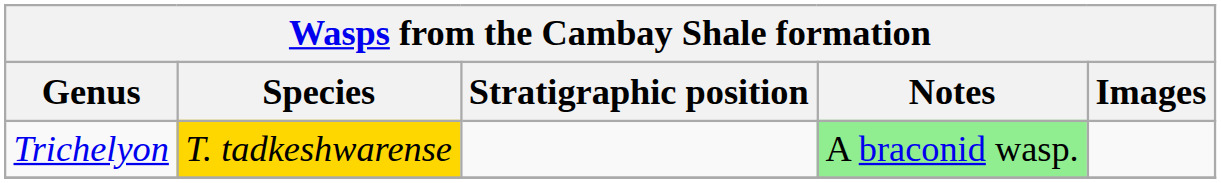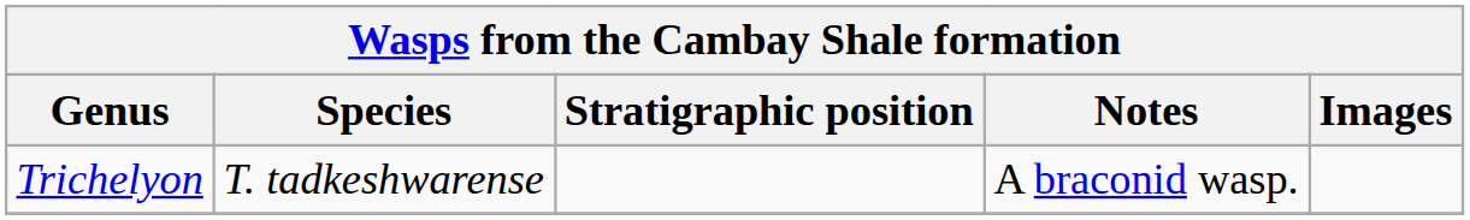 <table class="wikitable" align="center">
 <tr>
 <th colspan="7" align="center"><strong><a href='#'>Wasps</a> from the Cambay Shale formation</strong></th>
 </tr>
 <tr>
 <th>Genus</th>
 <th>Species</th>
 <th>Stratigraphic position</th>
 <th>Notes</th>
 <th>Images</th>
 </tr>
 <tr>
 <td><em><a href='#'>Trichelyon</a></em></td>
-<td style="background: gold;"><em>T. tadkeshwarense</em></td>
+<td><em>T. tadkeshwarense</em></td>
 <td></td>
-<td style="background: lightgreen;">A <a href='#'>braconid</a> wasp.</td>
+<td>A <a href='#'>braconid</a> wasp.</td>
 <td></td>
 </tr>
 <tr>
 </tr>
 </table>
